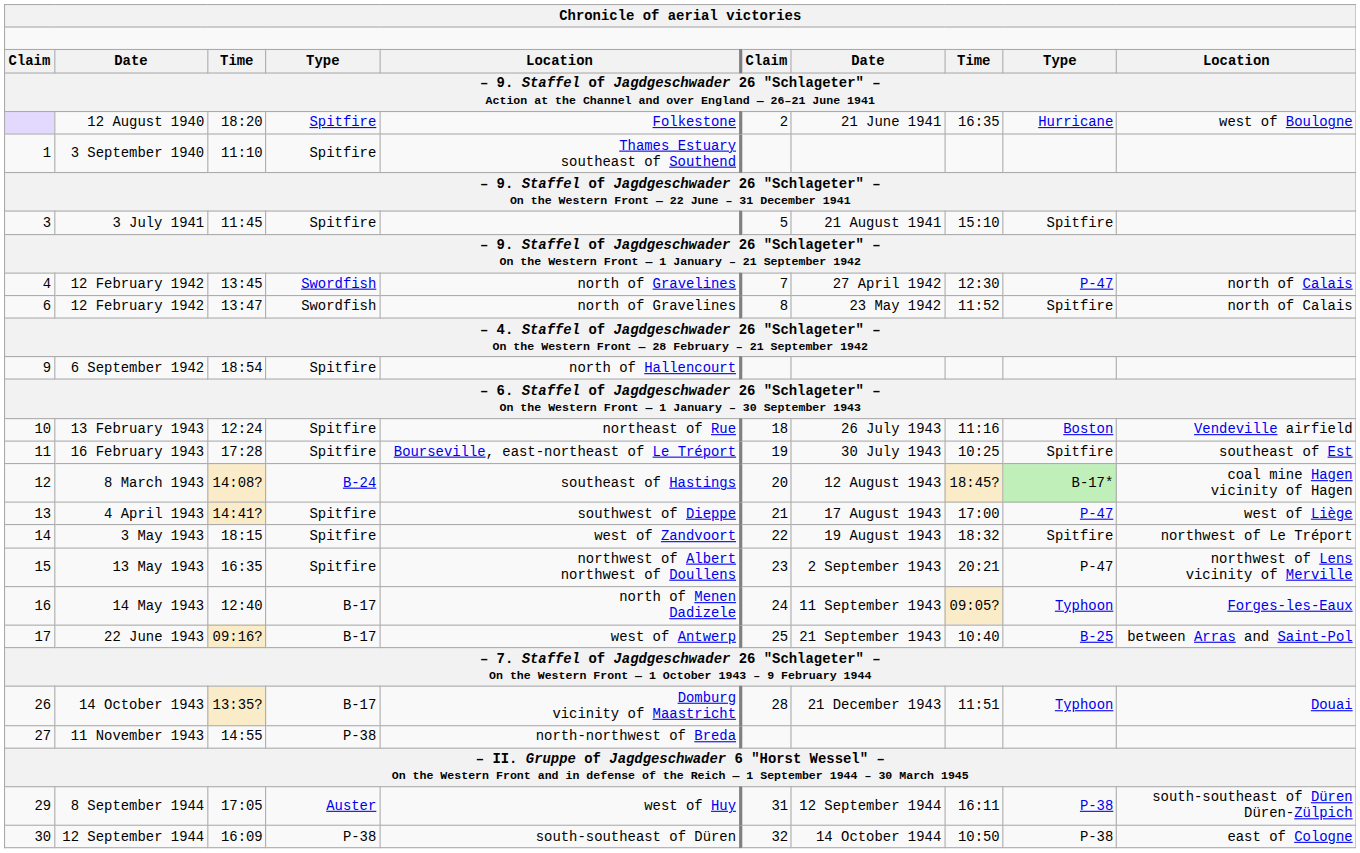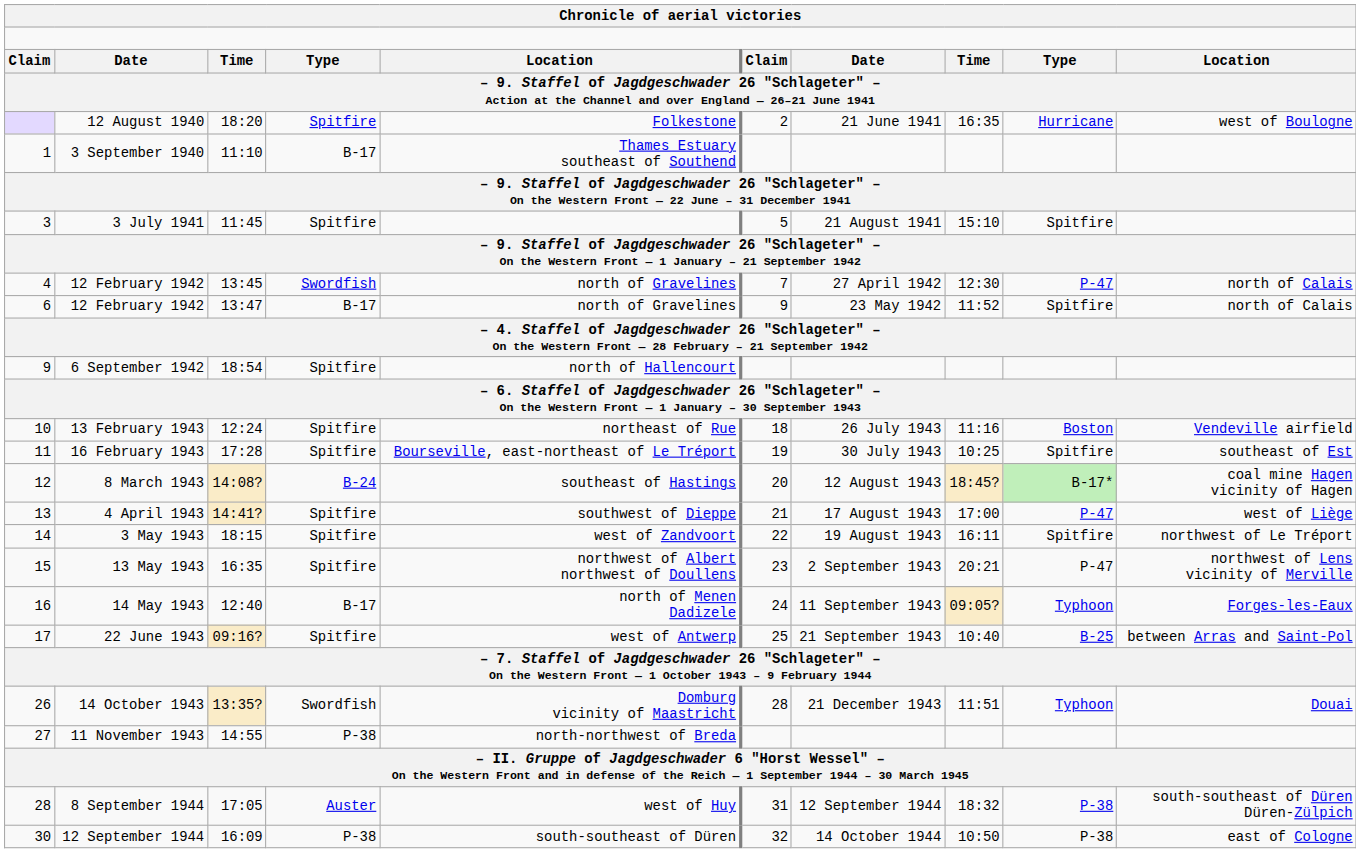 <table class="wikitable plainrowheaders collapsible" style="margin-left: auto; margin-right: auto; border: none; text-align:right; width: 100%;">
 <tr>
 <th colspan="10">Chronicle of aerial victories</th>
 </tr>
 <tr>
 <td colspan="10" style="text-align: left;"><br>  </td>
 </tr>
 <tr>
 <th scope="col">Claim</th>
 <th scope="col">Date</th>
 <th scope="col">Time</th>
 <th scope="col" width="100px">Type</th>
 <th scope="col">Location</th>
 <th scope="col" style="border-left: 3px solid grey;">Claim</th>
 <th scope="col">Date</th>
 <th scope="col">Time</th>
 <th scope="col" width="100px">Type</th>
 <th scope="col">Location</th>
 </tr>
 <tr>
 <th colspan="10">– 9. <em>Staffel</em> of <em>Jagdgeschwader</em> 26 "Schlageter" –<br><small>Action at the Channel and over England — 26–21 June 1941</small></th>
 </tr>
 <tr>
 <td style="background:#e3d9ff;"></td>
 <td>12 August 1940</td>
 <td>18:20</td>
 <td><a href='#'>Spitfire</a></td>
 <td><a href='#'>Folkestone</a></td>
 <td style="border-left: 3px solid grey;">2</td>
 <td>21 June 1941</td>
 <td>16:35</td>
 <td><a href='#'>Hurricane</a></td>
 <td>west of <a href='#'>Boulogne</a></td>
 </tr>
 <tr>
 <td>1</td>
 <td>3 September 1940</td>
 <td>11:10</td>
-<td>Spitfire</td>
+<td>B-17</td>
 <td><a href='#'>Thames Estuary</a><br> southeast of <a href='#'>Southend</a></td>
 <td style="border-left: 3px solid grey;"></td>
 <td></td>
 <td></td>
 <td></td>
 <td></td>
 </tr>
 <tr>
 <th colspan="10">– 9. <em>Staffel</em> of <em>Jagdgeschwader</em> 26 "Schlageter" –<br><small>On the Western Front — 22 June – 31 December 1941</small></th>
 </tr>
 <tr>
 <td>3</td>
 <td>3 July 1941</td>
 <td>11:45</td>
 <td>Spitfire</td>
 <td></td>
 <td style="border-left: 3px solid grey;">5</td>
 <td>21 August 1941</td>
 <td>15:10</td>
 <td>Spitfire</td>
 <td></td>
 </tr>
 <tr>
 <th colspan="10">– 9. <em>Staffel</em> of <em>Jagdgeschwader</em> 26 "Schlageter" –<br><small>On the Western Front — 1 January – 21 September 1942</small></th>
 </tr>
 <tr>
 <td>4</td>
 <td>12 February 1942</td>
 <td>13:45</td>
 <td><a href='#'>Swordfish</a></td>
 <td>north of <a href='#'>Gravelines</a></td>
 <td style="border-left: 3px solid grey;">7</td>
 <td>27 April 1942</td>
 <td>12:30</td>
 <td><a href='#'>P-47</a></td>
 <td> north of <a href='#'>Calais</a></td>
 </tr>
 <tr>
 <td>6</td>
 <td>12 February 1942</td>
 <td>13:47</td>
-<td>Swordfish</td>
+<td>B-17</td>
 <td>north of Gravelines</td>
-<td style="border-left: 3px solid grey;">8</td>
+<td style="border-left: 3px solid grey;">9</td>
 <td>23 May 1942</td>
 <td>11:52</td>
 <td>Spitfire</td>
 <td>north of Calais</td>
 </tr>
 <tr>
 <th colspan="10">– 4. <em>Staffel</em> of <em>Jagdgeschwader</em> 26 "Schlageter" –<br><small>On the Western Front — 28 February – 21 September 1942</small></th>
 </tr>
 <tr>
 <td>9</td>
 <td>6 September 1942</td>
 <td>18:54</td>
 <td>Spitfire</td>
 <td>north of <a href='#'>Hallencourt</a></td>
 <td style="border-left: 3px solid grey;"></td>
 <td></td>
 <td></td>
 <td></td>
 <td></td>
 </tr>
 <tr>
 <th colspan="10">– 6. <em>Staffel</em> of <em>Jagdgeschwader</em> 26 "Schlageter" –<br><small>On the Western Front — 1 January – 30 September 1943</small></th>
 </tr>
 <tr>
 <td>10</td>
 <td>13 February 1943</td>
 <td>12:24</td>
 <td>Spitfire</td>
 <td>northeast of <a href='#'>Rue</a></td>
 <td style="border-left: 3px solid grey;">18</td>
 <td>26 July 1943</td>
 <td>11:16</td>
 <td><a href='#'>Boston</a></td>
 <td><a href='#'>Vendeville</a> airfield</td>
 </tr>
 <tr>
 <td>11</td>
 <td>16 February 1943</td>
 <td>17:28</td>
 <td>Spitfire</td>
 <td><a href='#'>Bourseville</a>, east-northeast of <a href='#'>Le Tréport</a></td>
 <td style="border-left: 3px solid grey;">19</td>
 <td>30 July 1943</td>
 <td>10:25</td>
 <td>Spitfire</td>
 <td> southeast of <a href='#'>Est</a></td>
 </tr>
 <tr>
 <td>12</td>
 <td>8 March 1943</td>
 <td style="background:#faecc8">14:08?</td>
 <td><a href='#'>B-24</a></td>
 <td> southeast of <a href='#'>Hastings</a></td>
 <td style="border-left: 3px solid grey;">20</td>
 <td>12 August 1943</td>
 <td style="background:#faecc8">18:45?</td>
 <td style="background:#C0EFBA">B-17*</td>
 <td>coal mine <a href='#'>Hagen</a><br>vicinity of Hagen</td>
 </tr>
 <tr>
 <td>13</td>
 <td>4 April 1943</td>
 <td style="background:#faecc8">14:41?</td>
 <td>Spitfire</td>
 <td> southwest of <a href='#'>Dieppe</a></td>
 <td style="border-left: 3px solid grey;">21</td>
 <td>17 August 1943</td>
 <td>17:00</td>
 <td><a href='#'>P-47</a></td>
 <td> west of <a href='#'>Liège</a></td>
 </tr>
 <tr>
 <td>14</td>
 <td>3 May 1943</td>
 <td>18:15</td>
 <td>Spitfire</td>
 <td>west of <a href='#'>Zandvoort</a></td>
 <td style="border-left: 3px solid grey;">22</td>
 <td>19 August 1943</td>
-<td>18:32</td>
+<td>16:11</td>
 <td>Spitfire</td>
 <td> northwest of Le Tréport</td>
 </tr>
 <tr>
 <td>15</td>
 <td>13 May 1943</td>
 <td>16:35</td>
 <td>Spitfire</td>
 <td> northwest of <a href='#'>Albert</a><br> northwest of <a href='#'>Doullens</a></td>
 <td style="border-left: 3px solid grey;">23</td>
 <td>2 September 1943</td>
 <td>20:21</td>
 <td>P-47</td>
 <td> northwest of <a href='#'>Lens</a><br>vicinity of <a href='#'>Merville</a></td>
 </tr>
 <tr>
 <td>16</td>
 <td>14 May 1943</td>
 <td>12:40</td>
 <td>B-17</td>
 <td> north of <a href='#'>Menen</a><br><a href='#'>Dadizele</a></td>
 <td style="border-left: 3px solid grey;">24</td>
 <td>11 September 1943</td>
 <td style="background:#faecc8">09:05?</td>
 <td><a href='#'>Typhoon</a></td>
 <td><a href='#'>Forges-les-Eaux</a></td>
 </tr>
 <tr>
 <td>17</td>
 <td>22 June 1943</td>
 <td style="background:#faecc8">09:16?</td>
-<td>B-17</td>
+<td>Spitfire</td>
 <td>west of <a href='#'>Antwerp</a></td>
 <td style="border-left: 3px solid grey;">25</td>
 <td>21 September 1943</td>
 <td>10:40</td>
 <td><a href='#'>B-25</a></td>
 <td>between <a href='#'>Arras</a> and <a href='#'>Saint-Pol</a></td>
 </tr>
 <tr>
 <th colspan="10">– 7. <em>Staffel</em> of <em>Jagdgeschwader</em> 26 "Schlageter" –<br><small>On the Western Front — 1 October 1943 – 9 February 1944</small></th>
 </tr>
 <tr>
 <td>26</td>
 <td>14 October 1943</td>
 <td style="background:#faecc8">13:35?</td>
-<td>B-17</td>
+<td>Swordfish</td>
 <td><a href='#'>Domburg</a><br>vicinity of <a href='#'>Maastricht</a></td>
 <td style="border-left: 3px solid grey;">28</td>
 <td>21 December 1943</td>
 <td>11:51</td>
 <td><a href='#'>Typhoon</a></td>
 <td><a href='#'>Douai</a></td>
 </tr>
 <tr>
 <td>27</td>
 <td>11 November 1943</td>
 <td>14:55</td>
 <td>P-38</td>
 <td>north-northwest of <a href='#'>Breda</a></td>
 <td style="border-left: 3px solid grey;"></td>
 <td></td>
 <td></td>
 <td></td>
 <td></td>
 </tr>
 <tr>
 <th colspan="10">– II. <em>Gruppe</em> of <em>Jagdgeschwader</em> 6 "Horst Wessel" –<br><small>On the Western Front and in defense of the Reich — 1 September 1944 – 30 March 1945</small></th>
 </tr>
 <tr>
-<td>29</td>
+<td>28</td>
 <td>8 September 1944</td>
 <td>17:05</td>
 <td><a href='#'>Auster</a></td>
 <td>west of <a href='#'>Huy</a></td>
 <td style="border-left: 3px solid grey;">31</td>
 <td>12 September 1944</td>
-<td>16:11</td>
+<td>18:32</td>
 <td><a href='#'>P-38</a></td>
 <td>south-southeast of <a href='#'>Düren</a><br>Düren-<a href='#'>Zülpich</a></td>
 </tr>
 <tr>
 <td>30</td>
 <td>12 September 1944</td>
 <td>16:09</td>
 <td>P-38</td>
 <td>south-southeast of Düren</td>
 <td style="border-left: 3px solid grey;">32</td>
 <td>14 October 1944</td>
 <td>10:50</td>
 <td>P-38</td>
 <td>east of <a href='#'>Cologne</a></td>
 </tr>
 </table>
